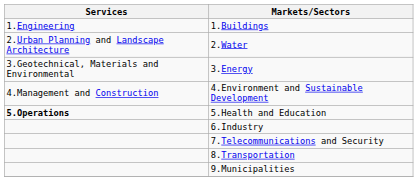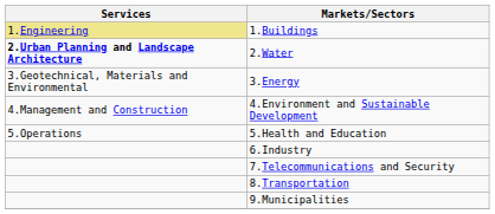 <table class="wikitable">
 <tr>
 <th width="50%">Services</th>
 <th width="50%">Markets/Sectors</th>
 </tr>
 <tr>
-<td>1.<a href='#'>Engineering</a></td>
+<td style="background: khaki;">1.<a href='#'>Engineering</a></td>
 <td>1.<a href='#'>Buildings</a></td>
 </tr>
 <tr>
-<td>2.<a href='#'>Urban Planning</a> and <a href='#'>Landscape Architecture</a></td>
+<td><strong>2.<a href='#'>Urban Planning</a> and <a href='#'>Landscape Architecture</a></strong></td>
 <td>2.<a href='#'>Water</a></td>
 </tr>
 <tr>
 <td>3.Geotechnical, Materials and Environmental</td>
 <td>3.<a href='#'>Energy</a></td>
 </tr>
 <tr>
 <td>4.Management and <a href='#'>Construction</a></td>
 <td>4.Environment and <a href='#'>Sustainable Development</a></td>
 </tr>
 <tr>
-<td><strong>5.Operations</strong></td>
+<td>5.Operations</td>
 <td>5.Health and Education</td>
 </tr>
 <tr>
 <td></td>
 <td>6.Industry</td>
 </tr>
 <tr>
 <td></td>
 <td>7.<a href='#'>Telecommunications</a> and Security</td>
 </tr>
 <tr>
 <td></td>
 <td>8.<a href='#'>Transportation</a></td>
 </tr>
 <tr>
 <td></td>
 <td>9.Municipalities</td>
 </tr>
 <tr>
 </tr>
 </table>
